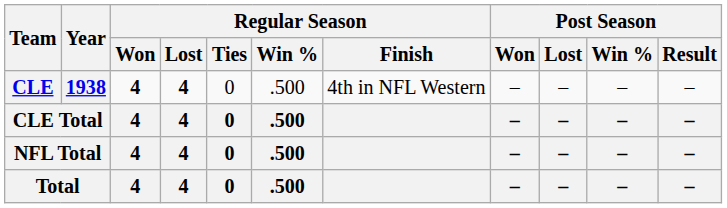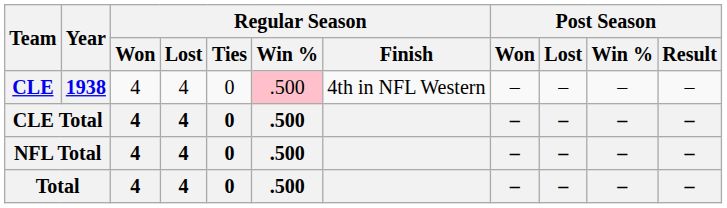 <table class="wikitable" style="font-size: 95%; text-align:center;">
 <tr>
 <th rowspan="2">Team</th>
 <th rowspan="2">Year</th>
 <th colspan="5">Regular Season</th>
 <th colspan="4">Post Season</th>
 </tr>
 <tr>
 <th>Won</th>
 <th>Lost</th>
 <th>Ties</th>
 <th>Win %</th>
 <th>Finish</th>
 <th>Won</th>
 <th>Lost</th>
 <th>Win %</th>
 <th>Result</th>
 </tr>
 <tr>
 <th><a href='#'>CLE</a></th>
 <th><a href='#'>1938</a></th>
-<td><strong>4</strong></td>
-<td><strong>4</strong></td>
+<td>4</td>
+<td>4</td>
 <td>0</td>
-<td>.500</td>
+<td style="background: pink;">.500</td>
 <td>4th in NFL Western</td>
 <td>–</td>
 <td>–</td>
 <td>–</td>
 <td>–</td>
 </tr>
 <tr>
 <th colspan="2">CLE Total</th>
 <th>4</th>
 <th>4</th>
 <th>0</th>
 <th>.500</th>
 <th></th>
 <th>–</th>
 <th>–</th>
 <th>–</th>
 <th>–</th>
 </tr>
 <tr>
 <th colspan="2">NFL Total</th>
 <th>4</th>
 <th>4</th>
 <th>0</th>
 <th>.500</th>
 <th></th>
 <th>–</th>
 <th>–</th>
 <th>–</th>
 <th>–</th>
 </tr>
 <tr>
 <th colspan="2">Total</th>
 <th>4</th>
 <th>4</th>
 <th>0</th>
 <th>.500</th>
 <th></th>
 <th>–</th>
 <th>–</th>
 <th>–</th>
 <th>–</th>
 </tr>
 </table>
